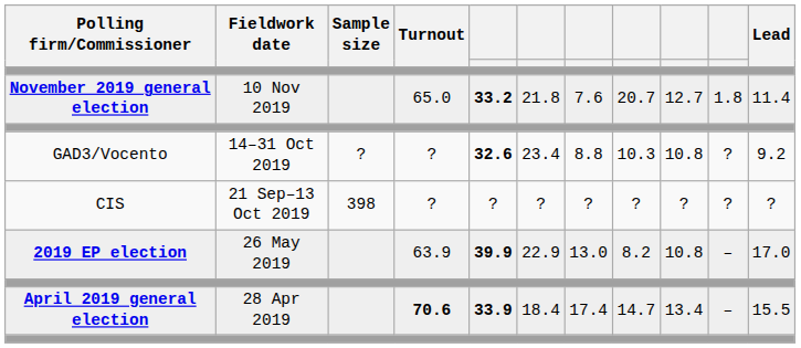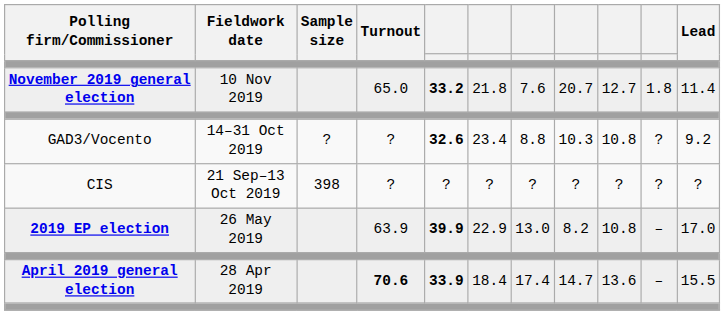 <table class="wikitable collapsible collapsed" style="text-align:center; font-size:95%; line-height:16px;">
 <tr style="height:42px; background-color:#E9E9E9">
 <th style="width:250px;" rowspan="2">Polling firm/Commissioner</th>
 <th style="width:125px;" rowspan="2">Fieldwork date</th>
 <th style="width:50px;" rowspan="2">Sample size</th>
 <th style="width:45px;" rowspan="2">Turnout</th>
 <th style="width:35px;"></th>
 <th style="width:35px;"></th>
 <th style="width:35px;"></th>
 <th style="width:35px;"></th>
 <th style="width:35px;"></th>
 <th style="width:35px;"></th>
 <th style="width:30px;" rowspan="2">Lead</th>
 </tr>
 <tr>
 <th style="color:inherit;background:"></th>
 <th style="color:inherit;background:"></th>
 <th style="color:inherit;background:"></th>
 <th style="color:inherit;background:"></th>
 <th style="color:inherit;background:"></th>
 <th style="color:inherit;background:"></th>
 </tr>
 <tr>
 <td colspan="11" style="background:#A0A0A0"></td>
 </tr>
 <tr style="background:#EFEFEF;">
 <td><strong><a href='#'>November 2019 general election</a></strong></td>
 <td>10 Nov 2019</td>
 <td></td>
 <td>65.0</td>
 <td><strong>33.2</strong><br></td>
 <td>21.8<br></td>
 <td>7.6<br></td>
 <td>20.7<br></td>
 <td>12.7<br></td>
 <td>1.8<br></td>
 <td style="background:">11.4</td>
 </tr>
 <tr>
 <td colspan="11" style="background:#A0A0A0"></td>
 </tr>
 <tr>
 <td>GAD3/Vocento</td>
 <td>14–31 Oct 2019</td>
 <td>?</td>
 <td>?</td>
 <td><strong>32.6</strong><br></td>
 <td>23.4<br></td>
 <td>8.8<br></td>
 <td>10.3<br></td>
 <td>10.8<br></td>
 <td>?<br></td>
 <td style="background:">9.2</td>
 </tr>
 <tr>
 <td>CIS</td>
 <td>21 Sep–13 Oct 2019</td>
 <td>398</td>
 <td>?</td>
 <td>?<br></td>
 <td>?<br></td>
 <td>?<br></td>
 <td>?<br></td>
 <td>?<br></td>
 <td>?<br></td>
 <td style="background:">?</td>
 </tr>
 <tr style="background:#EFEFEF;">
 <td><strong><a href='#'>2019 EP election</a></strong></td>
 <td>26 May 2019</td>
 <td></td>
 <td>63.9</td>
 <td><strong>39.9</strong><br></td>
 <td>22.9<br></td>
 <td>13.0<br></td>
 <td>8.2<br></td>
 <td>10.8<br></td>
 <td>–</td>
 <td style="background:">17.0</td>
 </tr>
 <tr>
 <td colspan="11" style="background:#A0A0A0"></td>
 </tr>
 <tr style="background:#EFEFEF;">
 <td><strong><a href='#'>April 2019 general election</a></strong></td>
 <td>28 Apr 2019</td>
 <td></td>
 <td><strong>70.6</strong></td>
 <td><strong>33.9</strong><br></td>
 <td>18.4<br></td>
 <td>17.4<br></td>
 <td>14.7<br></td>
-<td>13.4<br></td>
+<td>13.6<br></td>
 <td>–</td>
 <td style="background:">15.5</td>
 </tr>
 <tr>
 <td colspan="11" style="background:#A0A0A0"></td>
 </tr>
 <tr>
 </tr>
 </table>
